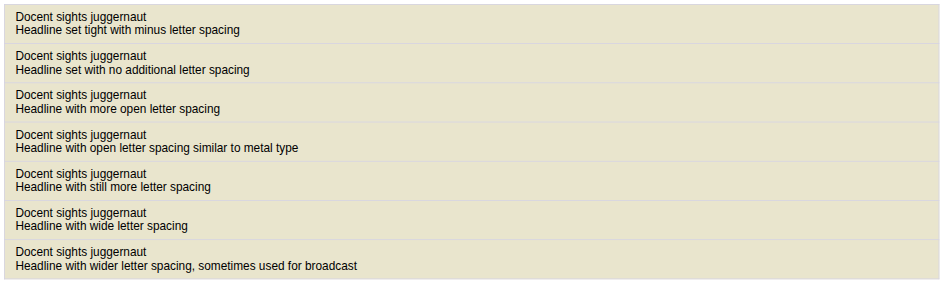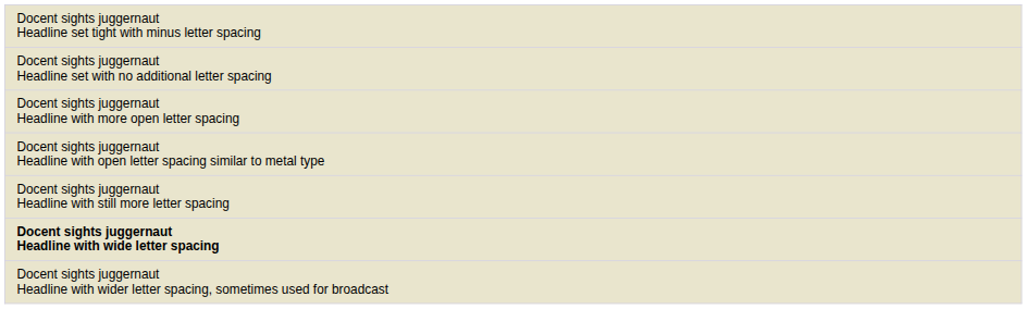 <table style="background-color: #e9e5cd; width: 100%; border: solid 1px #ccc; border-collapse: collapse;">
 <tr>
 <td style="padding: 0.5em 0.9em; border: solid 0.1em #d4d2e6;"><span>Docent sights juggernaut</span><br><span>Headline set tight with minus letter spacing</span></td>
 </tr>
 <tr>
 <td style="padding: 0.5em 0.9em; border: solid 0.1em #d4d2e6;"><span>Docent sights juggernaut</span><br><span>Headline set with no additional letter spacing</span></td>
 </tr>
 <tr>
 <td style="padding: 0.5em 0.9em; border: solid 0.1em #d4d2e6;"><span>Docent sights juggernaut</span><br><span>Headline with more open letter spacing</span></td>
 </tr>
 <tr>
 <td style="padding: 0.5em 0.9em; border: solid 0.1em #d4d2e6;"><span>Docent sights juggernaut</span><br><span>Headline with open letter spacing similar to metal type</span></td>
 </tr>
 <tr>
 <td style="padding: 0.5em 0.9em; border: solid 0.1em #d4d2e6;"><span>Docent sights juggernaut</span><br><span>Headline with still more letter spacing</span></td>
 </tr>
 <tr>
-<td style="padding: 0.5em 0.9em; border: solid 0.1em #d4d2e6;"><span>Docent sights juggernaut</span><br><span>Headline with wide letter spacing</span></td>
+<td style="padding: 0.5em 0.9em; border: solid 0.1em #d4d2e6;"><strong><span>Docent sights juggernaut</span><br><span>Headline with wide letter spacing</span></strong></td>
 </tr>
 <tr>
 <td style="padding: 0.5em 0.9em; border: solid 0.1em #d4d2e6;"><span>Docent sights juggernaut</span><br><span>Headline with wider letter spacing, sometimes used for broadcast</span></td>
 </tr>
 </table>
